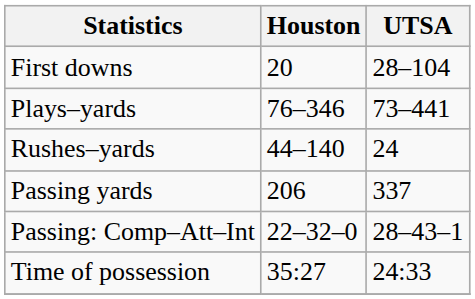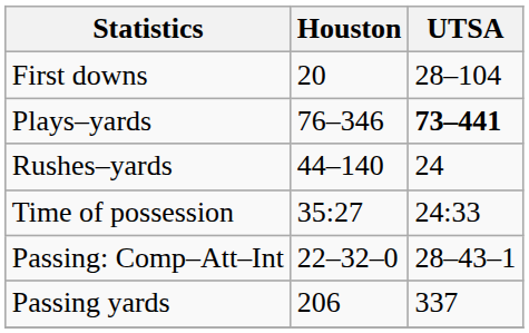 <table class="wikitable" style="float: left;">
 <tr>
 <th>Statistics</th>
 <th>Houston</th>
 <th>UTSA</th>
 </tr>
 <tr>
 <td>First downs</td>
 <td>20</td>
 <td>28–104</td>
 </tr>
 <tr>
 <td>Plays–yards</td>
 <td>76–346</td>
-<td>73–441</td>
+<td><strong>73–441</strong></td>
 </tr>
 <tr>
 <td>Rushes–yards</td>
 <td>44–140</td>
 <td>24</td>
 </tr>
 <tr>
-<td>Passing yards</td>
-<td>206</td>
-<td>337</td>
+<td>Time of possession</td>
+<td>35:27</td>
+<td>24:33</td>
 </tr>
 <tr>
 <td>Passing: Comp–Att–Int</td>
 <td>22–32–0</td>
 <td>28–43–1</td>
 </tr>
 <tr>
-<td>Time of possession</td>
-<td>35:27</td>
-<td>24:33</td>
+<td>Passing yards</td>
+<td>206</td>
+<td>337</td>
 </tr>
 <tr>
 </tr>
 </table>
